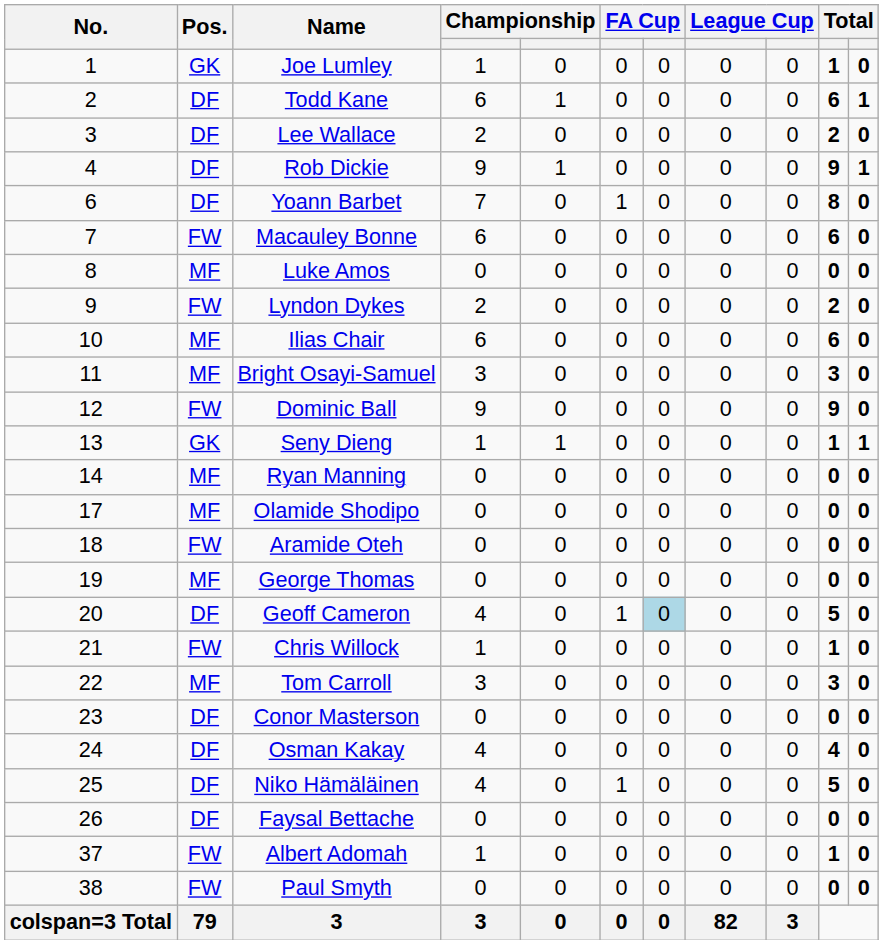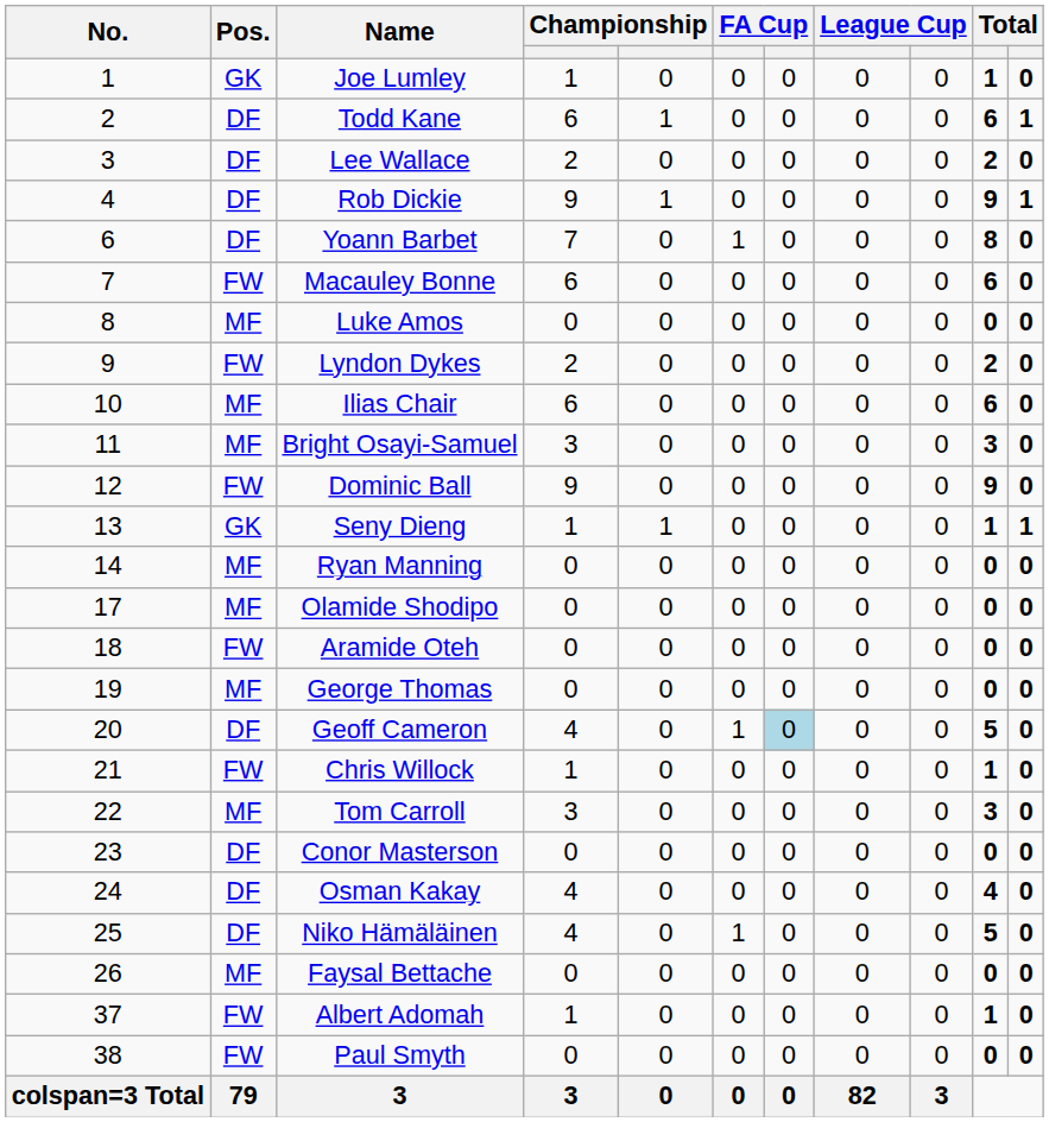 <table class="wikitable sortable" style="text-align: center;">
 <tr>
 <th rowspan="2">No.</th>
 <th rowspan="2">Pos.</th>
 <th rowspan="2">Name</th>
 <th colspan="2">Championship</th>
 <th colspan="2"><a href='#'>FA Cup</a></th>
 <th colspan="2"><a href='#'>League Cup</a></th>
 <th colspan="2">Total</th>
 </tr>
 <tr>
 <th></th>
 <th></th>
 <th></th>
 <th></th>
 <th></th>
 <th></th>
 <th></th>
 <th></th>
 </tr>
 <tr>
 <td>1</td>
 <td><a href='#'>GK</a></td>
 <td><a href='#'>Joe Lumley</a></td>
 <td>1</td>
 <td>0</td>
 <td>0</td>
 <td>0</td>
 <td>0</td>
 <td>0</td>
 <td><strong>1</strong></td>
 <td><strong>0</strong></td>
 </tr>
 <tr>
 <td>2</td>
 <td><a href='#'>DF</a></td>
 <td><a href='#'>Todd Kane</a></td>
 <td>6</td>
 <td>1</td>
 <td>0</td>
 <td>0</td>
 <td>0</td>
 <td>0</td>
 <td><strong>6</strong></td>
 <td><strong>1</strong></td>
 </tr>
 <tr>
 <td>3</td>
 <td><a href='#'>DF</a></td>
 <td><a href='#'>Lee Wallace</a></td>
 <td>2</td>
 <td>0</td>
 <td>0</td>
 <td>0</td>
 <td>0</td>
 <td>0</td>
 <td><strong>2</strong></td>
 <td><strong>0</strong></td>
 </tr>
 <tr>
 <td>4</td>
 <td><a href='#'>DF</a></td>
 <td><a href='#'>Rob Dickie</a></td>
 <td>9</td>
 <td>1</td>
 <td>0</td>
 <td>0</td>
 <td>0</td>
 <td>0</td>
 <td><strong>9</strong></td>
 <td><strong>1</strong></td>
 </tr>
 <tr>
 <td>6</td>
 <td><a href='#'>DF</a></td>
 <td><a href='#'>Yoann Barbet</a></td>
 <td>7</td>
 <td>0</td>
 <td>1</td>
 <td>0</td>
 <td>0</td>
 <td>0</td>
 <td><strong>8</strong></td>
 <td><strong>0</strong></td>
 </tr>
 <tr>
 <td>7</td>
 <td><a href='#'>FW</a></td>
 <td><a href='#'>Macauley Bonne</a></td>
 <td>6</td>
 <td>0</td>
 <td>0</td>
 <td>0</td>
 <td>0</td>
 <td>0</td>
 <td><strong>6</strong></td>
 <td><strong>0</strong></td>
 </tr>
 <tr>
 <td>8</td>
 <td><a href='#'>MF</a></td>
 <td><a href='#'>Luke Amos</a></td>
 <td>0</td>
 <td>0</td>
 <td>0</td>
 <td>0</td>
 <td>0</td>
 <td>0</td>
 <td><strong>0</strong></td>
 <td><strong>0</strong></td>
 </tr>
 <tr>
 <td>9</td>
 <td><a href='#'>FW</a></td>
 <td><a href='#'>Lyndon Dykes</a></td>
 <td>2</td>
 <td>0</td>
 <td>0</td>
 <td>0</td>
 <td>0</td>
 <td>0</td>
 <td><strong>2</strong></td>
 <td><strong>0</strong></td>
 </tr>
 <tr>
 <td>10</td>
 <td><a href='#'>MF</a></td>
 <td><a href='#'>Ilias Chair</a></td>
 <td>6</td>
 <td>0</td>
 <td>0</td>
 <td>0</td>
 <td>0</td>
 <td>0</td>
 <td><strong>6</strong></td>
 <td><strong>0</strong></td>
 </tr>
 <tr>
 <td>11</td>
 <td><a href='#'>MF</a></td>
 <td><a href='#'>Bright Osayi-Samuel</a></td>
 <td>3</td>
 <td>0</td>
 <td>0</td>
 <td>0</td>
 <td>0</td>
 <td>0</td>
 <td><strong>3</strong></td>
 <td><strong>0</strong></td>
 </tr>
 <tr>
 <td>12</td>
 <td><a href='#'>FW</a></td>
 <td><a href='#'>Dominic Ball</a></td>
 <td>9</td>
 <td>0</td>
 <td>0</td>
 <td>0</td>
 <td>0</td>
 <td>0</td>
 <td><strong>9</strong></td>
 <td><strong>0</strong></td>
 </tr>
 <tr>
 <td>13</td>
 <td><a href='#'>GK</a></td>
 <td><a href='#'>Seny Dieng</a></td>
 <td>1</td>
 <td>1</td>
 <td>0</td>
 <td>0</td>
 <td>0</td>
 <td>0</td>
 <td><strong>1</strong></td>
 <td><strong>1</strong></td>
 </tr>
 <tr>
 <td>14</td>
 <td><a href='#'>MF</a></td>
 <td><a href='#'>Ryan Manning</a></td>
 <td>0</td>
 <td>0</td>
 <td>0</td>
 <td>0</td>
 <td>0</td>
 <td>0</td>
 <td><strong>0</strong></td>
 <td><strong>0</strong></td>
 </tr>
 <tr>
 <td>17</td>
 <td><a href='#'>MF</a></td>
 <td><a href='#'>Olamide Shodipo</a></td>
 <td>0</td>
 <td>0</td>
 <td>0</td>
 <td>0</td>
 <td>0</td>
 <td>0</td>
 <td><strong>0</strong></td>
 <td><strong>0</strong></td>
 </tr>
 <tr>
 <td>18</td>
 <td><a href='#'>FW</a></td>
 <td><a href='#'>Aramide Oteh</a></td>
 <td>0</td>
 <td>0</td>
 <td>0</td>
 <td>0</td>
 <td>0</td>
 <td>0</td>
 <td><strong>0</strong></td>
 <td><strong>0</strong></td>
 </tr>
 <tr>
 <td>19</td>
 <td><a href='#'>MF</a></td>
 <td><a href='#'>George Thomas</a></td>
 <td>0</td>
 <td>0</td>
 <td>0</td>
 <td>0</td>
 <td>0</td>
 <td>0</td>
 <td><strong>0</strong></td>
 <td><strong>0</strong></td>
 </tr>
 <tr>
 <td>20</td>
 <td><a href='#'>DF</a></td>
 <td><a href='#'>Geoff Cameron</a></td>
 <td>4</td>
 <td>0</td>
 <td>1</td>
 <td style="background: lightblue;">0</td>
 <td>0</td>
 <td>0</td>
 <td><strong>5</strong></td>
 <td><strong>0</strong></td>
 </tr>
 <tr>
 <td>21</td>
 <td><a href='#'>FW</a></td>
 <td><a href='#'>Chris Willock</a></td>
 <td>1</td>
 <td>0</td>
 <td>0</td>
 <td>0</td>
 <td>0</td>
 <td>0</td>
 <td><strong>1</strong></td>
 <td><strong>0</strong></td>
 </tr>
 <tr>
 <td>22</td>
 <td><a href='#'>MF</a></td>
 <td><a href='#'>Tom Carroll</a></td>
 <td>3</td>
 <td>0</td>
 <td>0</td>
 <td>0</td>
 <td>0</td>
 <td>0</td>
 <td><strong>3</strong></td>
 <td><strong>0</strong></td>
 </tr>
 <tr>
 <td>23</td>
 <td><a href='#'>DF</a></td>
 <td><a href='#'>Conor Masterson</a></td>
 <td>0</td>
 <td>0</td>
 <td>0</td>
 <td>0</td>
 <td>0</td>
 <td>0</td>
 <td><strong>0</strong></td>
 <td><strong>0</strong></td>
 </tr>
 <tr>
 <td>24</td>
 <td><a href='#'>DF</a></td>
 <td><a href='#'>Osman Kakay</a></td>
 <td>4</td>
 <td>0</td>
 <td>0</td>
 <td>0</td>
 <td>0</td>
 <td>0</td>
 <td><strong>4</strong></td>
 <td><strong>0</strong></td>
 </tr>
 <tr>
 <td>25</td>
 <td><a href='#'>DF</a></td>
 <td><a href='#'>Niko Hämäläinen</a></td>
 <td>4</td>
 <td>0</td>
 <td>1</td>
 <td>0</td>
 <td>0</td>
 <td>0</td>
 <td><strong>5</strong></td>
 <td><strong>0</strong></td>
 </tr>
 <tr>
 <td>26</td>
-<td><a href='#'>DF</a></td>
+<td><a href='#'>MF</a></td>
 <td><a href='#'>Faysal Bettache</a></td>
 <td>0</td>
 <td>0</td>
 <td>0</td>
 <td>0</td>
 <td>0</td>
 <td>0</td>
 <td><strong>0</strong></td>
 <td><strong>0</strong></td>
 </tr>
 <tr>
 <td>37</td>
 <td><a href='#'>FW</a></td>
 <td><a href='#'>Albert Adomah</a></td>
 <td>1</td>
 <td>0</td>
 <td>0</td>
 <td>0</td>
 <td>0</td>
 <td>0</td>
 <td><strong>1</strong></td>
 <td><strong>0</strong></td>
 </tr>
 <tr>
 <td>38</td>
 <td><a href='#'>FW</a></td>
 <td><a href='#'>Paul Smyth</a></td>
 <td>0</td>
 <td>0</td>
 <td>0</td>
 <td>0</td>
 <td>0</td>
 <td>0</td>
 <td><strong>0</strong></td>
 <td><strong>0</strong></td>
 </tr>
 <tr>
 <th>colspan=3 Total</th>
 <th>79</th>
 <th>3</th>
 <th>3</th>
 <th>0</th>
 <th>0</th>
 <th>0</th>
 <th>82</th>
 <th>3</th>
 </tr>
 </table>
